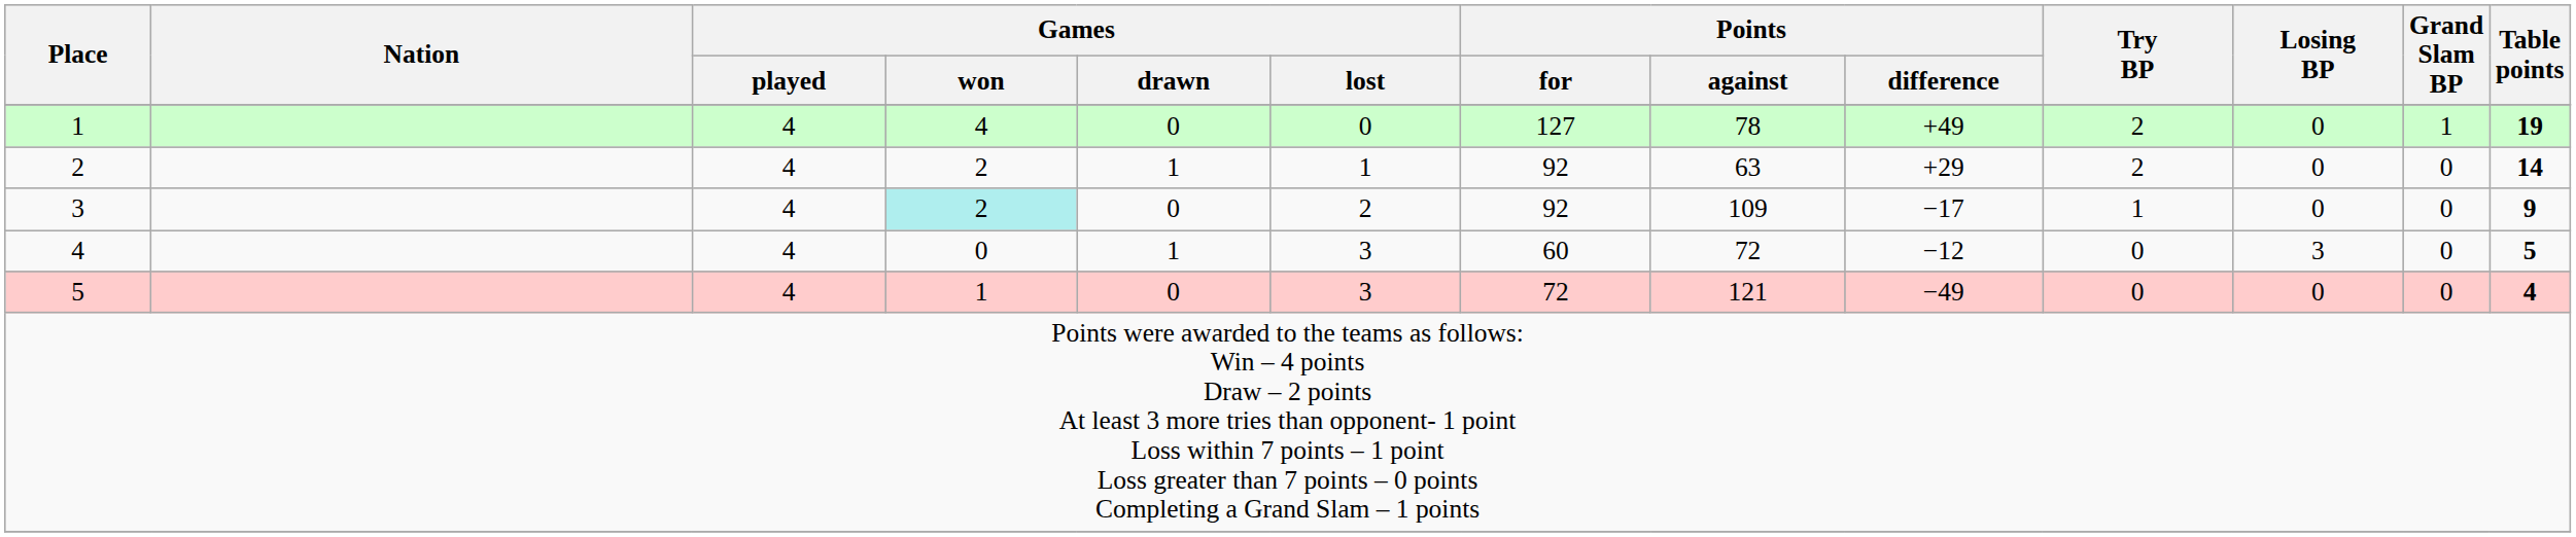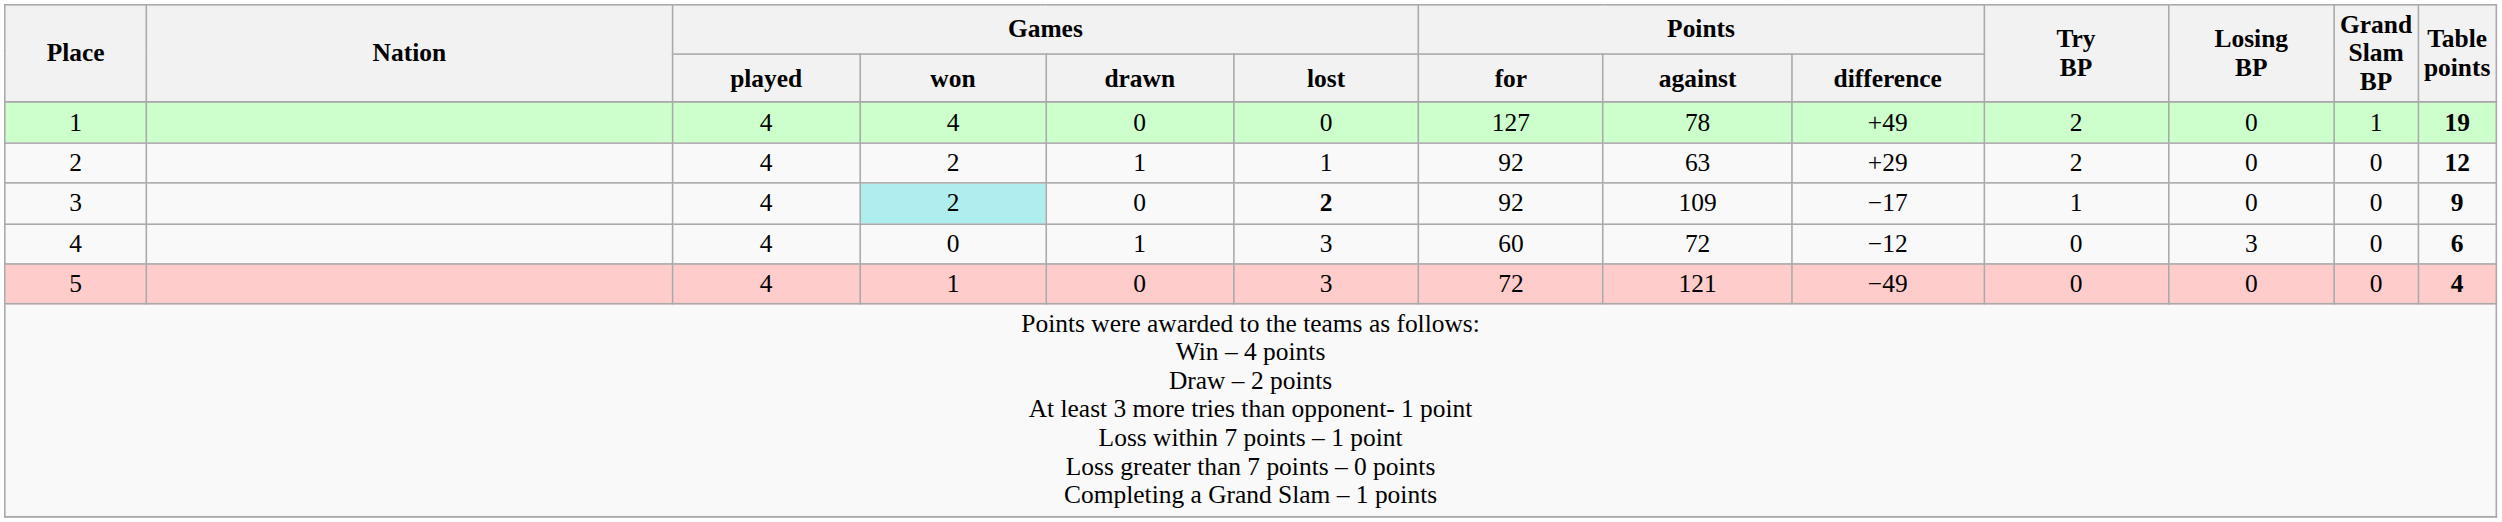 <table class="wikitable">
 <tr>
 <th rowspan=2 width="6%">Place</th>
 <th rowspan=2 width="23%">Nation</th>
 <th colspan=4 width="40%">Games</th>
 <th colspan=3 width="24%">Points</th>
 <th rowspan=2 width="8%">Try<br>BP</th>
 <th rowspan=2 width="8%">Losing<br>BP</th>
 <th rowspan=2 width="8%">Grand Slam<br>BP</th>
 <th rowspan=2 width="10%">Table<br>points</th>
 </tr>
 <tr>
 <th width="8%">played</th>
 <th width="8%">won</th>
 <th width="8%">drawn</th>
 <th width="8%">lost</th>
 <th width="8%">for</th>
 <th width="8%">against</th>
 <th width="8%">difference</th>
 </tr>
 <tr>
 </tr>
 <tr align="center" bgcolor="#ccffcc">
 <td>1</td>
 <td align=left></td>
 <td>4</td>
 <td>4</td>
 <td>0</td>
 <td>0</td>
 <td>127</td>
 <td>78</td>
 <td>+49</td>
 <td>2</td>
 <td>0</td>
 <td>1</td>
 <td><strong>19</strong></td>
 </tr>
 <tr align=center>
 <td>2</td>
 <td align=left></td>
 <td>4</td>
 <td>2</td>
 <td>1</td>
 <td>1</td>
 <td>92</td>
 <td>63</td>
 <td>+29</td>
 <td>2</td>
 <td>0</td>
 <td>0</td>
-<td><strong>14</strong></td>
+<td><strong>12</strong></td>
 </tr>
 <tr align=center>
 <td>3</td>
 <td align=left></td>
 <td>4</td>
 <td style="background: paleturquoise;">2</td>
 <td>0</td>
-<td>2</td>
+<td><strong>2</strong></td>
 <td>92</td>
 <td>109</td>
 <td>−17</td>
 <td>1</td>
 <td>0</td>
 <td>0</td>
 <td><strong>9</strong></td>
 </tr>
 <tr align=center>
 <td>4</td>
 <td align=left></td>
 <td>4</td>
 <td>0</td>
 <td>1</td>
 <td>3</td>
 <td>60</td>
 <td>72</td>
 <td>−12</td>
 <td>0</td>
 <td>3</td>
 <td>0</td>
-<td><strong>5</strong></td>
+<td><strong>6</strong></td>
 </tr>
 <tr align=center  bgcolor="#ffcccc">
 <td>5</td>
 <td align=left></td>
 <td>4</td>
 <td>1</td>
 <td>0</td>
 <td>3</td>
 <td>72</td>
 <td>121</td>
 <td>−49</td>
 <td>0</td>
 <td>0</td>
 <td>0</td>
 <td><strong>4</strong></td>
 </tr>
 <tr>
 <td style="text-align:center;" colspan="100">Points were awarded to the teams as follows:<br>Win – 4 points<br>Draw – 2 points<br> At least 3 more tries than opponent- 1 point<br> Loss within 7 points – 1 point<br>Loss greater than 7 points – 0 points<br>Completing a Grand Slam – 1 points</td>
 </tr>
 <tr>
 </tr>
 </table>
